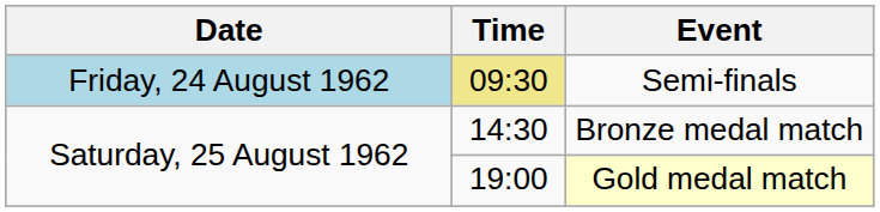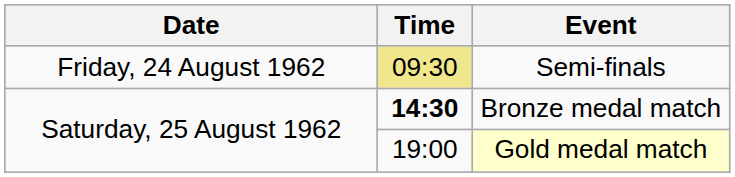 <table class = "wikitable" style="text-align:center;">
 <tr>
 <th width=220>Date</th>
 <th width=50>Time</th>
 <th width=150>Event</th>
 </tr>
 <tr>
-<td style="background: lightblue;">Friday, 24 August 1962</td>
+<td>Friday, 24 August 1962</td>
 <td style="background: khaki;">09:30</td>
 <td>Semi-finals</td>
 </tr>
 <tr>
 <td rowspan="2">Saturday, 25 August 1962</td>
-<td>14:30</td>
+<td><strong>14:30</strong></td>
 <td>Bronze medal match</td>
 </tr>
 <tr>
 <td>19:00</td>
 <td bgcolor=ffffcc>Gold medal match</td>
 </tr>
 </table>
